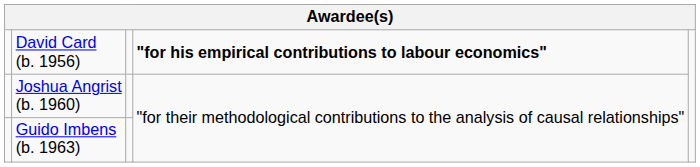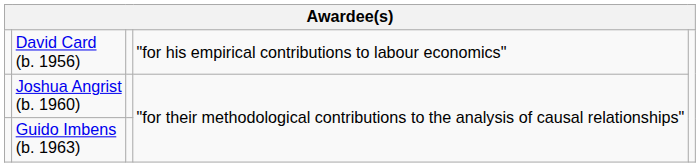 <table class="wikitable">
 <tr>
 <th colspan="5">Awardee(s)</th>
 </tr>
 <tr>
 <td></td>
 <td><a href='#'>David Card</a><br>(b. 1956)</td>
 <td><br></td>
-<td><strong>"for his empirical contributions to labour economics"</strong></td>
+<td>"for his empirical contributions to labour economics"</td>
 <td rowspan="3"></td>
 </tr>
 <tr>
 <td></td>
 <td><a href='#'>Joshua Angrist</a><br>(b. 1960)</td>
 <td><br></td>
 <td rowspan="2">"for their methodological contributions to the analysis of causal relationships"</td>
 </tr>
 <tr>
 <td></td>
 <td><a href='#'>Guido Imbens</a><br>(b. 1963)</td>
 <td><br></td>
 </tr>
 </table>
